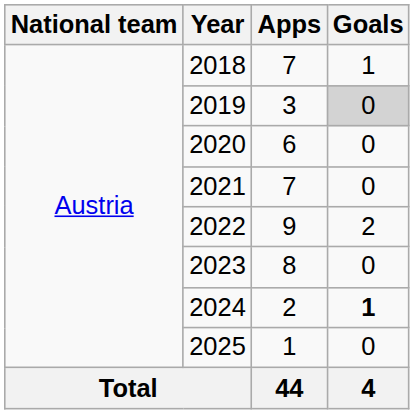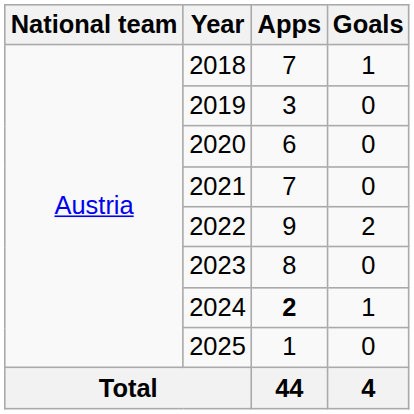 <table class="wikitable" style="text-align:center">
 <tr>
 <th>National team</th>
 <th>Year</th>
 <th>Apps</th>
 <th>Goals</th>
 </tr>
 <tr>
 <td rowspan="8"><a href='#'>Austria</a></td>
 <td>2018</td>
 <td>7</td>
 <td>1</td>
 </tr>
 <tr>
 <td>2019</td>
 <td>3</td>
-<td style="background: lightgrey;">0</td>
+<td>0</td>
 </tr>
 <tr>
 <td>2020</td>
 <td>6</td>
 <td>0</td>
 </tr>
 <tr>
 <td>2021</td>
 <td>7</td>
 <td>0</td>
 </tr>
 <tr>
 <td>2022</td>
 <td>9</td>
 <td>2</td>
 </tr>
 <tr>
 <td>2023</td>
 <td>8</td>
 <td>0</td>
 </tr>
 <tr>
 <td>2024</td>
-<td>2</td>
-<td><strong>1</strong></td>
+<td><strong>2</strong></td>
+<td>1</td>
 </tr>
 <tr>
 <td>2025</td>
 <td>1</td>
 <td>0</td>
 </tr>
 <tr>
 <th colspan="2">Total</th>
 <th>44</th>
 <th>4</th>
 </tr>
 </table>
